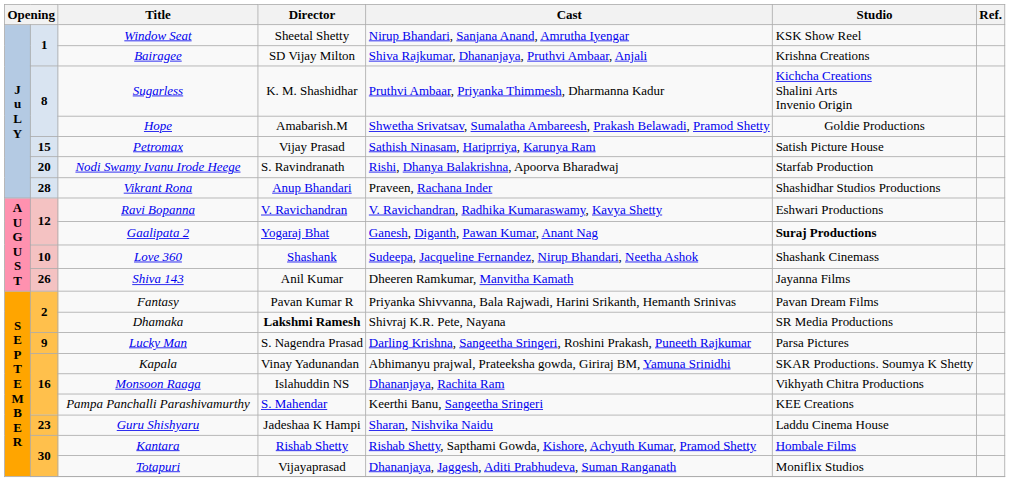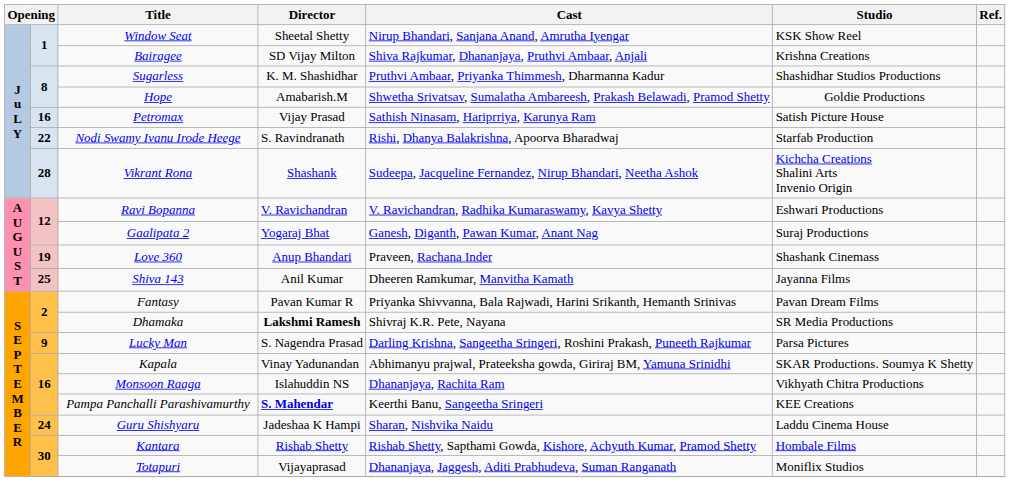 <table class="wikitable sortable">
 <tr>
 <th colspan="2">Opening</th>
 <th style="width:20%;">Title</th>
 <th>Director</th>
 <th>Cast</th>
 <th>Studio</th>
 <th>Ref.</th>
 </tr>
 <tr>
 <td rowspan="7" style="text-align:center; background:#b4cae3; textcolor:#003;"><strong>J<br>u<br>L<br>Y</strong></td>
 <td rowspan="2" style="text-align:center;background:#d9e4f1;"><strong>1</strong></td>
 <td align="center"><em><a href='#'>Window Seat</a></em></td>
 <td align="center">Sheetal Shetty</td>
 <td><a href='#'>Nirup Bhandari</a>, <a href='#'>Sanjana Anand</a>, <a href='#'>Amrutha Iyengar</a></td>
 <td>KSK Show Reel</td>
 <td align="center"></td>
 </tr>
 <tr>
 <td align="center"><em><a href='#'>Bairagee</a></em></td>
 <td align="center">SD Vijay Milton</td>
 <td><a href='#'>Shiva Rajkumar</a>, <a href='#'>Dhananjaya</a>, <a href='#'>Pruthvi Ambaar</a>, <a href='#'>Anjali</a></td>
 <td>Krishna Creations</td>
 <td rowspan="1" align="center"></td>
 </tr>
 <tr>
 <td rowspan="2" style="text-align:center;background:#d9e4f1;"><strong>8</strong></td>
 <td align="center"><em><a href='#'>Sugarless</a></em></td>
 <td align="center">K. M. Shashidhar</td>
 <td><a href='#'>Pruthvi Ambaar</a>, <a href='#'>Priyanka Thimmesh</a>, Dharmanna Kadur</td>
-<td><a href='#'>Kichcha Creations</a><br>Shalini Arts<br>Invenio Origin</td>
+<td>Shashidhar Studios Productions</td>
 <td rowspan="1" align="center"></td>
 </tr>
 <tr>
 <td align="center"><a href='#'><em>Hope</em></a></td>
 <td align="center">Amabarish.M</td>
 <td align="center"><a href='#'>Shwetha Srivatsav</a>, <a href='#'>Sumalatha Ambareesh</a>, <a href='#'>Prakash Belawadi</a>, <a href='#'>Pramod Shetty</a></td>
 <td align="center">Goldie Productions</td>
 <td rowspan="1" align="center"></td>
 </tr>
 <tr>
-<td rowspan="1" style="text-align:center;background:#d9e4f1;"><strong>15</strong></td>
+<td rowspan="1" style="text-align:center;background:#d9e4f1;"><strong>16</strong></td>
 <td align="center"><em><a href='#'>Petromax</a></em></td>
 <td align="center">Vijay Prasad</td>
 <td><a href='#'>Sathish Ninasam</a>, <a href='#'>Hariprriya</a>, <a href='#'>Karunya Ram</a></td>
 <td>Satish Picture House</td>
 <td align="center"></td>
 </tr>
 <tr>
-<td rowspan="1" style="text-align:center;background:#d9e4f1;"><strong>20</strong></td>
+<td rowspan="1" style="text-align:center;background:#d9e4f1;"><strong>22</strong></td>
 <td align="center"><em><a href='#'>Nodi Swamy Ivanu Irode Heege</a></em></td>
 <td>S. Ravindranath</td>
 <td><a href='#'>Rishi</a>, <a href='#'>Dhanya Balakrishna</a>, Apoorva Bharadwaj</td>
 <td>Starfab Production</td>
 <td align="center"></td>
 </tr>
 <tr>
 <td rowspan="1" style="text-align:center;background:#d9e4f1;"><strong>28</strong></td>
 <td align="center"><em><a href='#'>Vikrant Rona</a></em></td>
-<td align="center"><a href='#'>Anup Bhandari</a></td>
-<td>Praveen, <a href='#'>Rachana Inder</a></td>
-<td>Shashidhar Studios Productions</td>
+<td align="center"><a href='#'>Shashank</a></td>
+<td><a href='#'>Sudeepa</a>, <a href='#'>Jacqueline Fernandez</a>, <a href='#'>Nirup Bhandari</a>, <a href='#'>Neetha Ashok</a></td>
+<td><a href='#'>Kichcha Creations</a><br>Shalini Arts<br>Invenio Origin</td>
 <td rowspan="1" align="center"></td>
 </tr>
 <tr August!>
 <td rowspan="4" style="text-align:center; background:#ff91af; textcolor:#000;"><strong>A<br>U<br>G<br>U<br>S<br>T</strong></td>
 <td rowspan="2" style="text-align:center;background:#f4c2c2;"><strong>12</strong></td>
 <td align="center"><em><a href='#'>Ravi Bopanna</a></em></td>
 <td><a href='#'>V. Ravichandran</a></td>
 <td><a href='#'>V. Ravichandran</a>, <a href='#'>Radhika Kumaraswamy</a>, <a href='#'>Kavya Shetty</a></td>
 <td>Eshwari Productions</td>
 <td rowspan="1" align="center"></td>
 </tr>
 <tr>
 <td align="center"><em><a href='#'>Gaalipata 2</a></em></td>
 <td><a href='#'>Yogaraj Bhat</a></td>
 <td><a href='#'>Ganesh</a>, <a href='#'>Diganth</a>, <a href='#'>Pawan Kumar</a>, <a href='#'>Anant Nag</a></td>
-<td><strong>Suraj Productions</strong></td>
+<td>Suraj Productions</td>
 <td rowspan="1" align="center"></td>
 </tr>
 <tr>
-<td rowspan="1" style="text-align:center;background:#f4c2c2;"><strong>10</strong></td>
+<td rowspan="1" style="text-align:center;background:#f4c2c2;"><strong>19</strong></td>
 <td align="center"><em><a href='#'>Love 360</a></em></td>
-<td align="center"><a href='#'>Shashank</a></td>
-<td><a href='#'>Sudeepa</a>, <a href='#'>Jacqueline Fernandez</a>, <a href='#'>Nirup Bhandari</a>, <a href='#'>Neetha Ashok</a></td>
+<td align="center"><a href='#'>Anup Bhandari</a></td>
+<td>Praveen, <a href='#'>Rachana Inder</a></td>
 <td>Shashank Cinemass</td>
 <td rowspan="1" align="center"></td>
 </tr>
 <tr>
-<td rowspan="1" style="text-align:center;background:#f4c2c2;"><strong>26</strong></td>
+<td rowspan="1" style="text-align:center;background:#f4c2c2;"><strong>25</strong></td>
 <td align="center"><em><a href='#'>Shiva 143</a></em></td>
 <td align="center">Anil Kumar</td>
 <td>Dheeren Ramkumar, <a href='#'>Manvitha Kamath</a></td>
 <td>Jayanna Films</td>
 <td align="center"></td>
 </tr>
 <tr>
 <td rowspan="11" style="text-align:center; background:orange; textcolor:#000;"><strong>S<br>E<br>P<br>T<br>E<br>M<br>B<br>E<br>R</strong></td>
 <td rowspan="2" style="text-align:center; textcolor:#000; background:#ffc04c;"><strong>2</strong></td>
 <td align="center"><em>Fantasy</em></td>
 <td align="center">Pavan Kumar R</td>
 <td>Priyanka Shivvanna, Bala Rajwadi, Harini Srikanth, Hemanth Srinivas</td>
 <td>Pavan Dream Films</td>
 <td></td>
 </tr>
 <tr>
 <td align="center"><em>Dhamaka</em></td>
 <td align="center"><strong>Lakshmi Ramesh</strong></td>
 <td>Shivraj K.R. Pete, Nayana</td>
 <td>SR Media Productions</td>
 <td></td>
 </tr>
 <tr>
 <td rowspan="1" style="text-align:center; textcolor:#000; background:#ffc04c;"><strong>9</strong></td>
 <td align="center"><em><a href='#'>Lucky Man</a></em></td>
 <td align="center">S. Nagendra Prasad</td>
 <td><a href='#'>Darling Krishna</a>, <a href='#'>Sangeetha Sringeri</a>, Roshini Prakash, <a href='#'>Puneeth Rajkumar</a></td>
 <td>Parsa Pictures</td>
 <td></td>
 </tr>
 <tr>
 <td rowspan="3" style="text-align:center; textcolor:#000; background:#ffc04c;"><strong>16</strong></td>
 <td align="center"><em>Kapala </em></td>
 <td>Vinay Yadunandan</td>
 <td>Abhimanyu prajwal, Prateeksha gowda, Giriraj BM, <a href='#'>Yamuna Srinidhi</a></td>
 <td>SKAR Productions. Soumya K Shetty</td>
 <td></td>
 </tr>
 <tr>
 <td align="center"><em><a href='#'>Monsoon Raaga</a></em></td>
 <td align="center">Islahuddin NS</td>
 <td><a href='#'>Dhananjaya</a>, <a href='#'>Rachita Ram</a></td>
 <td>Vikhyath Chitra Productions</td>
 <td align="center"></td>
 </tr>
 <tr>
 <td align="center"><em>Pampa Panchalli Parashivamurthy</em></td>
-<td><a href='#'>S. Mahendar</a></td>
+<td><strong><a href='#'>S. Mahendar</a></strong></td>
 <td>Keerthi Banu, <a href='#'>Sangeetha Sringeri</a></td>
 <td>KEE Creations</td>
 <td></td>
 </tr>
 <tr>
-<td rowspan="1" style="text-align:center; textcolor:#000; background:#ffc04c;"><strong>23</strong></td>
+<td rowspan="1" style="text-align:center; textcolor:#000; background:#ffc04c;"><strong>24</strong></td>
 <td align="center"><em><a href='#'>Guru Shishyaru</a></em></td>
 <td align="center">Jadeshaa K Hampi</td>
 <td><a href='#'>Sharan</a>, <a href='#'>Nishvika Naidu</a></td>
 <td>Laddu Cinema House</td>
 <td align="center"></td>
 </tr>
 <tr>
 <td rowspan="2"  style="text-align:center; textcolor:#000; background:#ffc04c;"><strong>30</strong></td>
 <td align="center"><em><a href='#'>Kantara</a></em></td>
 <td align="center"><a href='#'>Rishab Shetty</a></td>
 <td><a href='#'>Rishab Shetty</a>, Sapthami Gowda, <a href='#'>Kishore</a>, <a href='#'>Achyuth Kumar</a>, <a href='#'>Pramod Shetty</a></td>
 <td><a href='#'>Hombale Films</a></td>
 <td align="center"></td>
 </tr>
 <tr>
 <td align="center"><em><a href='#'>Totapuri</a></em></td>
 <td align="center">Vijayaprasad</td>
 <td><a href='#'>Dhananjaya</a>, <a href='#'>Jaggesh</a>, <a href='#'>Aditi Prabhudeva</a>, <a href='#'>Suman Ranganath</a></td>
 <td>Moniflix Studios</td>
 <td align="center"></td>
 </tr>
 <tr>
 </tr>
 </table>
